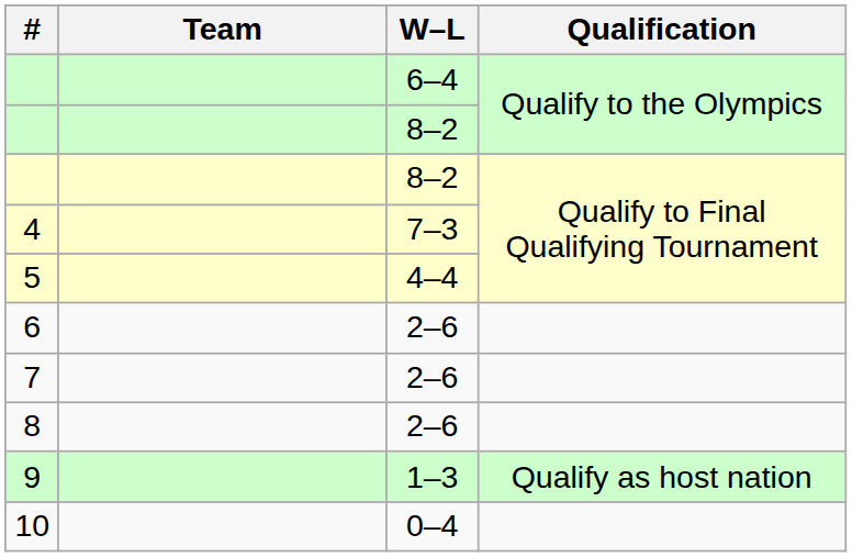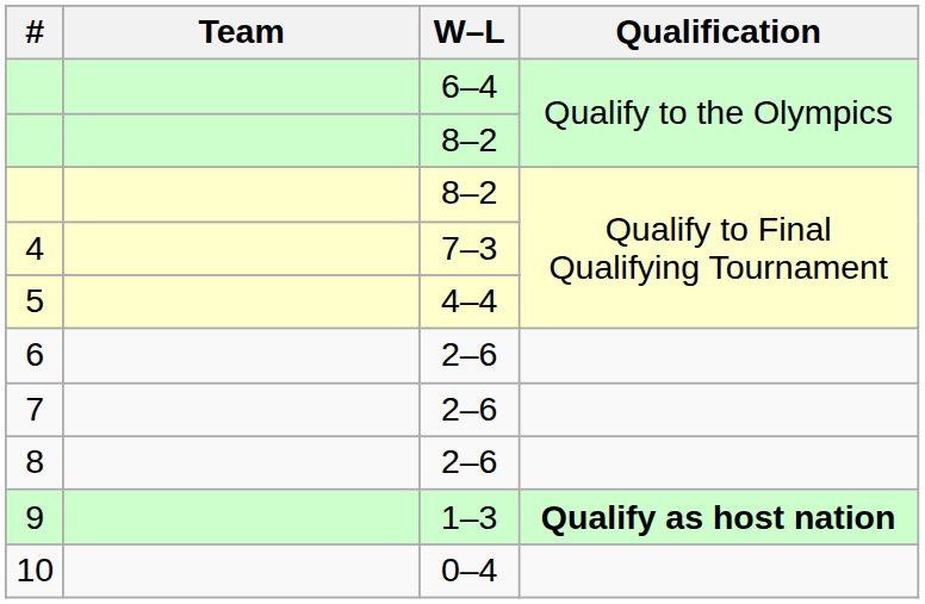 <table class=wikitable style="text-align:center;">
 <tr>
 <th width=20px>#</th>
 <th width=160px>Team</th>
 <th width=40px>W–L</th>
 <th width=180px>Qualification</th>
 </tr>
 <tr bgcolor=#CCFFCC>
 <td></td>
 <td align=left></td>
 <td>6–4</td>
 <td rowspan=2>Qualify to the Olympics</td>
 </tr>
 <tr bgcolor=#CCFFCC>
 <td></td>
 <td align=left></td>
 <td>8–2</td>
 </tr>
 <tr bgcolor=#FFFFCC>
 <td></td>
 <td align=left></td>
 <td>8–2</td>
 <td rowspan=3>Qualify to Final Qualifying Tournament</td>
 </tr>
 <tr bgcolor=#FFFFCC>
 <td>4</td>
 <td align=left></td>
 <td>7–3</td>
 </tr>
 <tr bgcolor=#FFFFCC>
 <td>5</td>
 <td align=left></td>
 <td>4–4</td>
 </tr>
 <tr>
 <td>6</td>
 <td align=left></td>
 <td>2–6</td>
 <td></td>
 </tr>
 <tr>
 <td>7</td>
 <td align=left></td>
 <td>2–6</td>
 <td></td>
 </tr>
 <tr>
 <td>8</td>
 <td align=left></td>
 <td>2–6</td>
 <td></td>
 </tr>
 <tr bgcolor=#CCFFCC>
 <td>9</td>
 <td align=left></td>
 <td>1–3</td>
-<td>Qualify as host nation</td>
+<td><strong>Qualify as host nation</strong></td>
 </tr>
 <tr>
 <td>10</td>
 <td align=left></td>
 <td>0–4</td>
 <td></td>
 </tr>
 </table>
